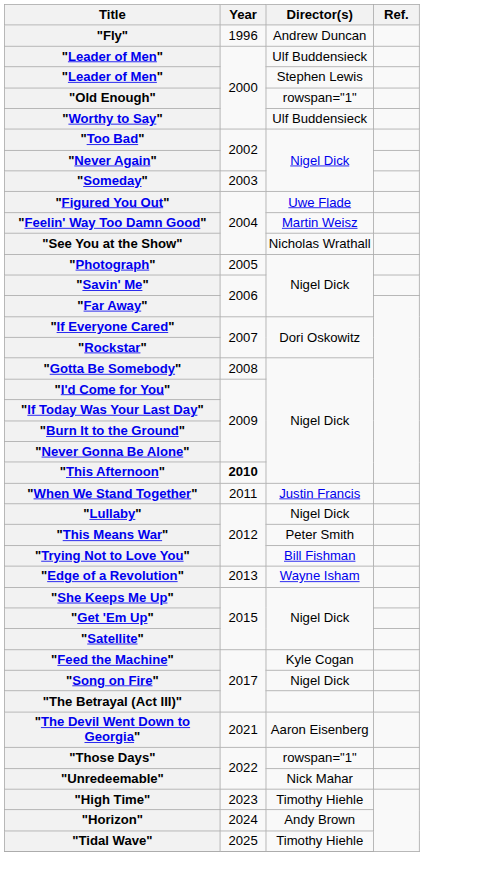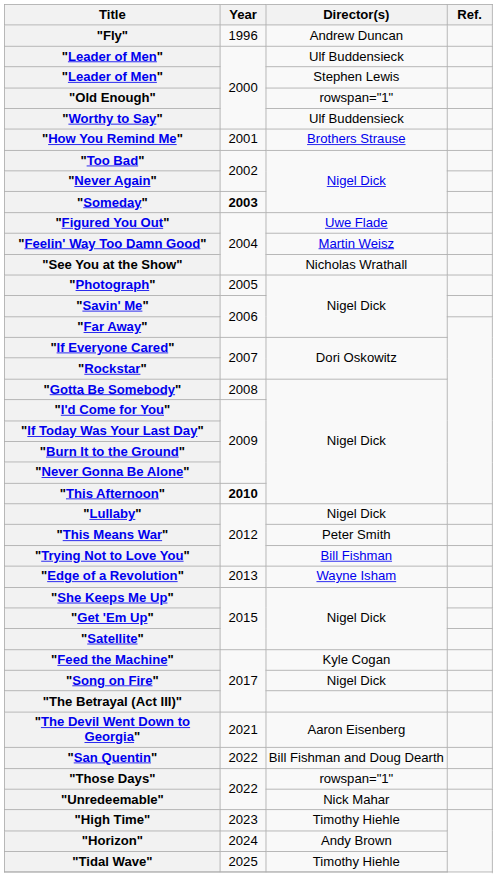 <table class="wikitable plainrowheaders" style="text-align:center;">
 <tr>
 <th scope="col" style="width:16em;">Title</th>
 <th scope="col" style="width:3em;">Year</th>
 <th scope="col">Director(s)</th>
 <th scope="col" style="width:3em;">Ref.</th>
 </tr>
 <tr>
 <th scope="row">"Fly"</th>
 <td>1996</td>
 <td>Andrew Duncan</td>
 </tr>
 <tr>
 <th scope="row">"<a href='#'>Leader of Men</a>" </th>
 <td rowspan="4">2000</td>
 <td>Ulf Buddensieck</td>
 <td></td>
 </tr>
 <tr>
 <th scope="row">"<a href='#'>Leader of Men</a>" </th>
 <td>Stephen Lewis</td>
 <td></td>
 </tr>
 <tr>
 <th scope="row">"Old Enough"</th>
 <td>rowspan="1" </td>
 </tr>
 <tr>
 <th scope="row">"<a href='#'>Worthy to Say</a>"</th>
 <td rowspan="1">Ulf Buddensieck</td>
 <td></td>
 </tr>
 <tr>
+<th scope="row">"<a href='#'>How You Remind Me</a>"</th>
+<td>2001</td>
+<td><a href='#'>Brothers Strause</a></td>
+<td></td>
+</tr>
+<tr>
 <th scope="row">"<a href='#'>Too Bad</a>"</th>
 <td rowspan="2">2002</td>
 <td rowspan="3"><a href='#'>Nigel Dick</a></td>
 <td></td>
 </tr>
 <tr>
 <th scope="row">"<a href='#'>Never Again</a>"</th>
 <td></td>
 </tr>
 <tr>
 <th scope="row">"<a href='#'>Someday</a>"</th>
-<td>2003</td>
+<td><strong>2003</strong></td>
 <td></td>
 </tr>
 <tr>
 <th scope="row">"<a href='#'>Figured You Out</a>"</th>
 <td rowspan="3">2004</td>
 <td><a href='#'>Uwe Flade</a></td>
 <td></td>
 </tr>
 <tr>
 <th scope="row">"<a href='#'>Feelin' Way Too Damn Good</a>"</th>
 <td><a href='#'>Martin Weisz</a></td>
 <td></td>
 </tr>
 <tr>
 <th scope="row">"See You at the Show"</th>
 <td>Nicholas Wrathall</td>
 </tr>
 <tr>
 <th scope="row">"<a href='#'>Photograph</a>"</th>
 <td>2005</td>
 <td rowspan="3">Nigel Dick</td>
 <td></td>
 </tr>
 <tr>
 <th scope="row">"<a href='#'>Savin' Me</a>"</th>
 <td rowspan="2">2006</td>
 <td></td>
 </tr>
 <tr>
 <th scope="row">"<a href='#'>Far Away</a>"</th>
 </tr>
 <tr>
 <th scope="row">"<a href='#'>If Everyone Cared</a>"</th>
 <td rowspan="2">2007</td>
 <td rowspan="2">Dori Oskowitz</td>
 </tr>
 <tr>
 <th scope="row">"<a href='#'>Rockstar</a>"</th>
 </tr>
 <tr>
 <th scope="row">"<a href='#'>Gotta Be Somebody</a>"</th>
 <td>2008</td>
 <td rowspan="6">Nigel Dick</td>
 </tr>
 <tr>
 <th scope="row">"<a href='#'>I'd Come for You</a>"</th>
 <td rowspan="4">2009</td>
 </tr>
 <tr>
 <th scope="row">"<a href='#'>If Today Was Your Last Day</a>"</th>
 </tr>
 <tr>
 <th scope="row">"<a href='#'>Burn It to the Ground</a>"</th>
 </tr>
 <tr>
 <th scope="row">"<a href='#'>Never Gonna Be Alone</a>"</th>
 </tr>
 <tr>
 <th scope="row">"<a href='#'>This Afternoon</a>"</th>
 <td><strong>2010</strong></td>
 </tr>
 <tr>
-<th scope="row">"<a href='#'>When We Stand Together</a>"</th>
-<td>2011</td>
-<td><a href='#'>Justin Francis</a></td>
-<td></td>
-</tr>
-<tr>
 <th scope="row">"<a href='#'>Lullaby</a>"</th>
 <td rowspan="3">2012</td>
 <td>Nigel Dick</td>
 <td></td>
 </tr>
 <tr>
 <th scope="row">"<a href='#'>This Means War</a>"</th>
 <td>Peter Smith</td>
 <td></td>
 </tr>
 <tr>
 <th scope="row">"<a href='#'>Trying Not to Love You</a>"</th>
 <td><a href='#'>Bill Fishman</a></td>
 <td></td>
 </tr>
 <tr>
 <th scope="row">"<a href='#'>Edge of a Revolution</a>"</th>
 <td>2013</td>
 <td><a href='#'>Wayne Isham</a></td>
 <td></td>
 </tr>
 <tr>
 <th scope="row">"<a href='#'>She Keeps Me Up</a>"</th>
 <td rowspan="3">2015</td>
 <td rowspan="3">Nigel Dick</td>
 <td></td>
 </tr>
 <tr>
 <th scope="row">"<a href='#'>Get 'Em Up</a>"</th>
 <td></td>
 </tr>
 <tr>
 <th scope="row">"<a href='#'>Satellite</a>"</th>
 <td></td>
 </tr>
 <tr>
 <th scope="row">"<a href='#'>Feed the Machine</a>"</th>
 <td rowspan="3">2017</td>
 <td>Kyle Cogan</td>
 <td></td>
 </tr>
 <tr>
 <th scope="row">"<a href='#'>Song on Fire</a>"</th>
 <td>Nigel Dick</td>
 <td></td>
 </tr>
 <tr>
 <th scope="row">"The Betrayal (Act III)"</th>
 <td></td>
 </tr>
 <tr>
 <th scope="row">"<a href='#'>The Devil Went Down to Georgia</a>"</th>
 <td>2021</td>
 <td>Aaron Eisenberg</td>
 <td></td>
 </tr>
 <tr>
+<th scope="row">"<a href='#'>San Quentin</a>"</th>
+<td rowspan="1">2022</td>
+<td>Bill Fishman and Doug Dearth</td>
+<td></td>
+</tr>
+<tr>
 <th scope="row">"Those Days"</th>
 <td rowspan="2">2022</td>
 <td>rowspan="1" </td>
 </tr>
 <tr>
 <th scope="row">"Unredeemable" </th>
 <td>Nick Mahar</td>
 <td></td>
 </tr>
 <tr>
 <th scope="row">"High Time"</th>
 <td>2023</td>
 <td>Timothy Hiehle</td>
 </tr>
 <tr>
 <th scope="row">"Horizon"</th>
 <td>2024</td>
 <td>Andy Brown</td>
 </tr>
 <tr>
 <th scope="row">"Tidal Wave"</th>
 <td>2025</td>
 <td>Timothy Hiehle</td>
 </tr>
 <tr>
 </tr>
 </table>
